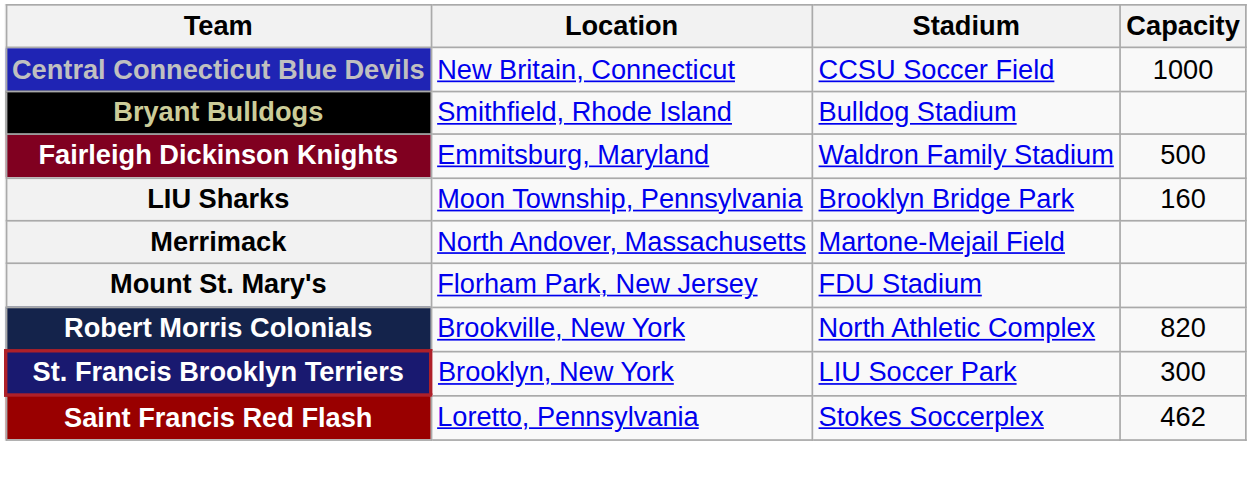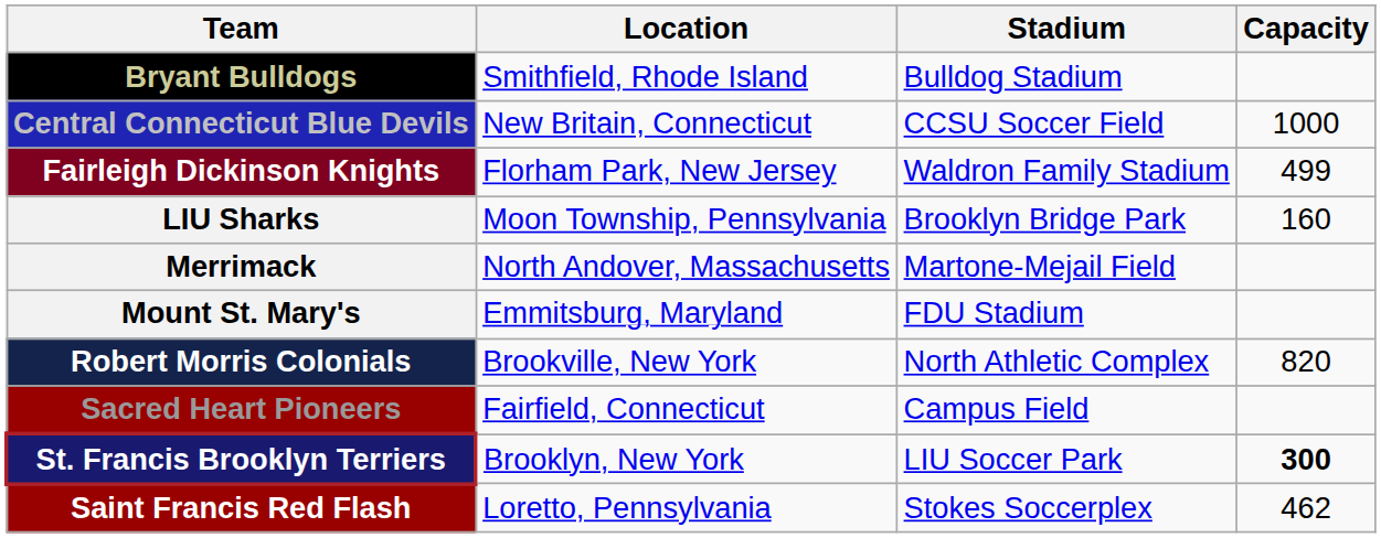 <table class="wikitable sortable" style="text-align: left;">
 <tr>
 <th>Team</th>
 <th>Location</th>
 <th>Stadium</th>
 <th>Capacity</th>
 </tr>
 <tr>
+<th style="background:#000000; color:#CCCC99;">Bryant Bulldogs</th>
+<td><a href='#'>Smithfield, Rhode Island</a></td>
+<td><a href='#'>Bulldog Stadium</a></td>
+<td align="center"></td>
+</tr>
+<tr>
 <th style="background:#1F24B4; color:#C0C0C0;">Central Connecticut Blue Devils</th>
 <td><a href='#'>New Britain, Connecticut</a></td>
 <td><a href='#'>CCSU Soccer Field</a></td>
 <td align="center">1000</td>
 </tr>
 <tr>
-<th style="background:#000000; color:#CCCC99;">Bryant Bulldogs</th>
-<td><a href='#'>Smithfield, Rhode Island</a></td>
-<td><a href='#'>Bulldog Stadium</a></td>
-<td align="center"></td>
-</tr>
-<tr>
 <th style="background:#800020; color:#FFFFFF;">Fairleigh Dickinson Knights</th>
-<td><a href='#'>Emmitsburg, Maryland</a></td>
+<td><a href='#'>Florham Park, New Jersey</a></td>
 <td><a href='#'>Waldron Family Stadium</a></td>
-<td align="center">500</td>
+<td align="center">499</td>
 </tr>
 <tr>
 <th>LIU Sharks</th>
 <td><a href='#'>Moon Township, Pennsylvania</a></td>
 <td><a href='#'>Brooklyn Bridge Park</a></td>
 <td align="center">160</td>
 </tr>
 <tr>
 <th>Merrimack</th>
 <td><a href='#'>North Andover, Massachusetts</a></td>
 <td><a href='#'>Martone-Mejail Field</a></td>
 <td align="center"></td>
 </tr>
 <tr>
 <th>Mount St. Mary's</th>
-<td><a href='#'>Florham Park, New Jersey</a></td>
+<td><a href='#'>Emmitsburg, Maryland</a></td>
 <td><a href='#'>FDU Stadium</a></td>
 <td align="center"></td>
 </tr>
 <tr>
 <th style="background:#14234B; color:#FFFFFF;">Robert Morris Colonials</th>
 <td><a href='#'>Brookville, New York</a></td>
 <td><a href='#'>North Athletic Complex</a></td>
 <td align="center">820</td>
 </tr>
 <tr>
+<th style="background:#990000; color:#999999;">Sacred Heart Pioneers</th>
+<td><a href='#'>Fairfield, Connecticut</a></td>
+<td><a href='#'>Campus Field</a></td>
+<td align="center"></td>
+</tr>
+<tr>
 <th style="background:#191970; border: 2px solid #AE2029;;color:#FFFFFF;">St. Francis Brooklyn Terriers</th>
 <td><a href='#'>Brooklyn, New York</a></td>
 <td><a href='#'>LIU Soccer Park</a></td>
-<td align="center">300</td>
+<td align="center"><strong>300</strong></td>
 </tr>
 <tr>
 <th style="background:#990000; color:#FFFFFF;">Saint Francis Red Flash</th>
 <td><a href='#'>Loretto, Pennsylvania</a></td>
 <td><a href='#'>Stokes Soccerplex</a></td>
 <td align="center">462</td>
 </tr>
 </table>
